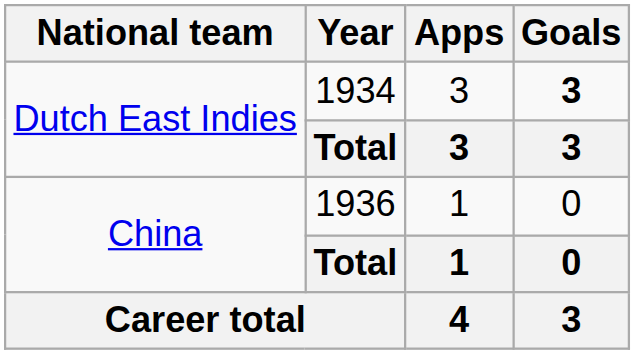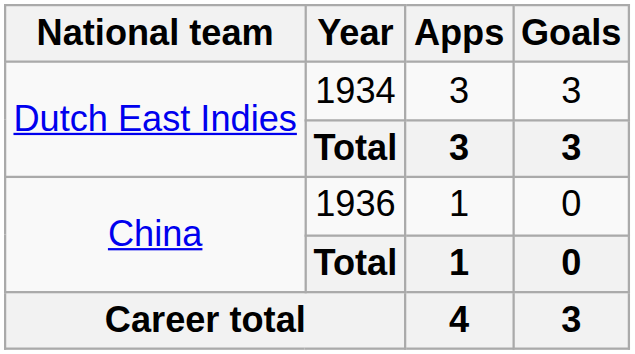 <table class=wikitable style=text-align:center>
 <tr>
 <th>National team</th>
 <th>Year</th>
 <th>Apps</th>
 <th>Goals</th>
 </tr>
 <tr>
 <td rowspan="2"><a href='#'>Dutch East Indies</a></td>
 <td>1934</td>
 <td>3</td>
-<td><strong>3</strong></td>
+<td>3</td>
 </tr>
 <tr>
 <th>Total</th>
 <th>3</th>
 <th>3</th>
 </tr>
 <tr>
 <td rowspan="2"><a href='#'>China</a></td>
 <td>1936</td>
 <td>1</td>
 <td>0</td>
 </tr>
 <tr>
 <th>Total</th>
 <th>1</th>
 <th>0</th>
 </tr>
 <tr>
 <th colspan="2">Career total</th>
 <th>4</th>
 <th>3</th>
 </tr>
 </table>
